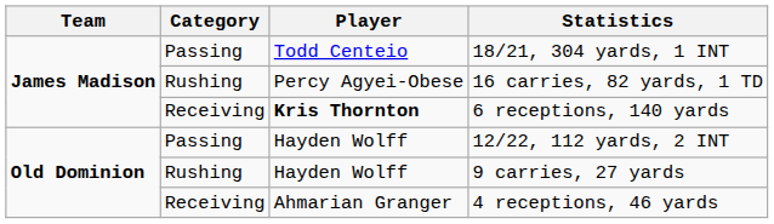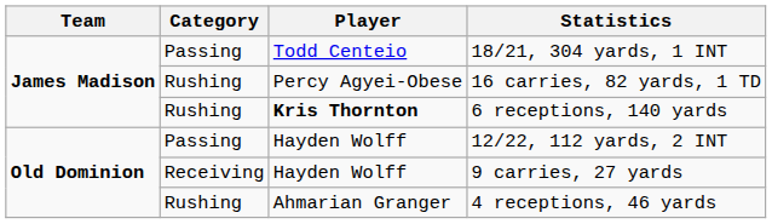 <table class="wikitable" style="float: right;">
 <tr>
 <th>Team</th>
 <th>Category</th>
 <th>Player</th>
 <th>Statistics</th>
 </tr>
 <tr>
 <td rowspan=3><strong>James Madison</strong></td>
 <td>Passing</td>
 <td><a href='#'>Todd Centeio</a></td>
 <td>18/21, 304 yards, 1 INT</td>
 </tr>
 <tr>
 <td>Rushing</td>
 <td>Percy Agyei-Obese</td>
 <td>16 carries, 82 yards, 1 TD</td>
 </tr>
 <tr>
-<td>Receiving</td>
+<td>Rushing</td>
 <td><strong>Kris Thornton</strong></td>
 <td>6 receptions, 140 yards</td>
 </tr>
 <tr>
 <td rowspan=3><strong>Old Dominion</strong></td>
 <td>Passing</td>
 <td>Hayden Wolff</td>
 <td>12/22, 112 yards, 2 INT</td>
 </tr>
 <tr>
-<td>Rushing</td>
+<td>Receiving</td>
 <td>Hayden Wolff</td>
 <td>9 carries, 27 yards</td>
 </tr>
 <tr>
-<td>Receiving</td>
+<td>Rushing</td>
 <td>Ahmarian Granger</td>
 <td>4 receptions, 46 yards</td>
 </tr>
 </table>
